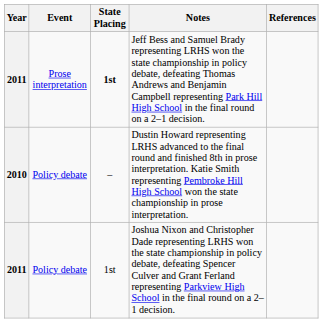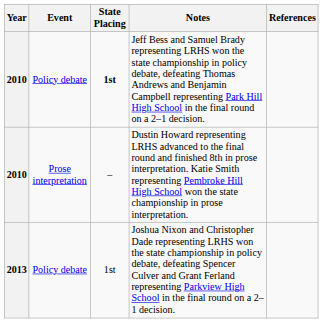 <table class="wikitable sortable mw-collapsible mw-collapsed" style="text-align: center; width: 80%;">
 <tr>
 <th scope=col>Year</th>
 <th scope=col>Event</th>
 <th scope=col>State Placing</th>
 <th scope=col class=unsortable>Notes</th>
 <th scope=col class=unsortable>References</th>
 </tr>
 <tr>
-<th scope=row>2011</th>
-<td><a href='#'>Prose interpretation</a></td>
+<th scope=row>2010</th>
+<td><a href='#'>Policy debate</a></td>
 <td><strong>1st</strong></td>
 <td align=left>Jeff Bess and Samuel Brady representing LRHS won the state championship in policy debate, defeating Thomas Andrews and Benjamin Campbell representing <a href='#'>Park Hill High School</a> in the final round on a 2–1 decision.</td>
 <td></td>
 </tr>
 <tr>
 <th scope=row>2010</th>
-<td><a href='#'>Policy debate</a></td>
+<td><a href='#'>Prose interpretation</a></td>
 <td>–</td>
 <td align=left>Dustin Howard representing LRHS advanced to the final round and finished 8th in prose interpretation. Katie Smith representing <a href='#'>Pembroke Hill High School</a> won the state championship in prose interpretation.</td>
 <td></td>
 </tr>
 <tr>
-<th scope=row>2011</th>
+<th scope=row>2013</th>
 <td><a href='#'>Policy debate</a></td>
 <td>1st</td>
 <td align=left>Joshua Nixon and Christopher Dade representing LRHS won the state championship in policy debate, defeating Spencer Culver and Grant Ferland representing <a href='#'>Parkview High School</a> in the final round on a 2–1 decision.</td>
 <td></td>
 </tr>
 </table>
